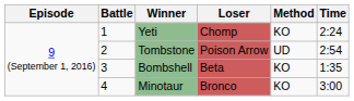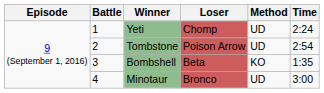 <table class="wikitable">
 <tr>
 <th>Episode</th>
 <th>Battle</th>
 <th>Winner</th>
 <th>Loser</th>
 <th>Method</th>
 <th>Time</th>
 </tr>
 <tr>
 <td style="text-align:center;" rowspan="4"><a href='#'>9</a><br><small>(September 1, 2016)</small></td>
 <td> 1</td>
 <td style="background:DarkSeaGreen;">Yeti</td>
 <td style="background:IndianRed;">Chomp</td>
-<td>KO</td>
+<td>UD</td>
 <td>2:24</td>
 </tr>
 <tr>
 <td>2</td>
 <td style="background:DarkSeaGreen;">Tombstone</td>
 <td style="background:IndianRed;">Poison Arrow</td>
 <td>UD</td>
 <td>2:54</td>
 </tr>
 <tr>
 <td>3</td>
 <td style="background:DarkSeaGreen;">Bombshell</td>
 <td style="background:IndianRed;">Beta</td>
 <td>KO</td>
 <td>1:35</td>
 </tr>
 <tr>
 <td>4</td>
 <td style="background:DarkSeaGreen;">Minotaur</td>
 <td style="background:IndianRed;">Bronco</td>
-<td>KO</td>
+<td>UD</td>
 <td>3:00</td>
 </tr>
 </table>
